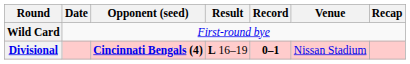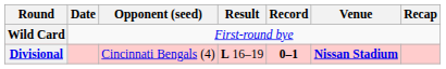 <table class="wikitable" style="text-align:center">
 <tr>
 <th>Round</th>
 <th>Date</th>
 <th>Opponent (seed)</th>
 <th>Result</th>
 <th>Record</th>
 <th>Venue</th>
 <th>Recap</th>
 </tr>
 <tr>
 <th>Wild Card</th>
 <td colspan="6"><em><a href='#'>First-round bye</a></em></td>
 </tr>
 <tr style="background:#fcc">
 <th><a href='#'>Divisional</a></th>
 <td></td>
-<td><strong><a href='#'>Cincinnati Bengals</a> (4)</strong></td>
+<td><a href='#'>Cincinnati Bengals</a> (4)</td>
 <td><strong>L</strong> 16–19</td>
 <td><strong>0–1</strong></td>
-<td><a href='#'>Nissan Stadium</a></td>
+<td><strong><a href='#'>Nissan Stadium</a></strong></td>
 <td></td>
 </tr>
 </table>
